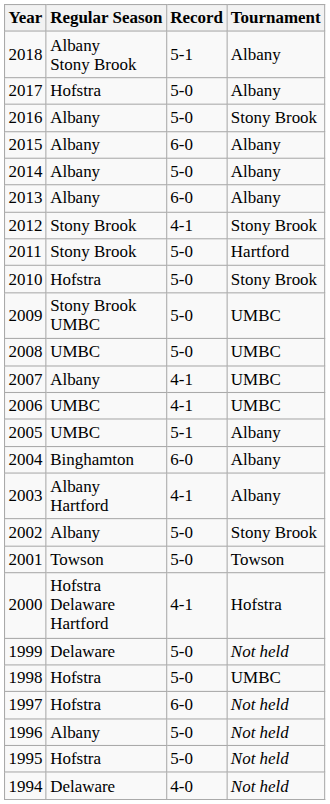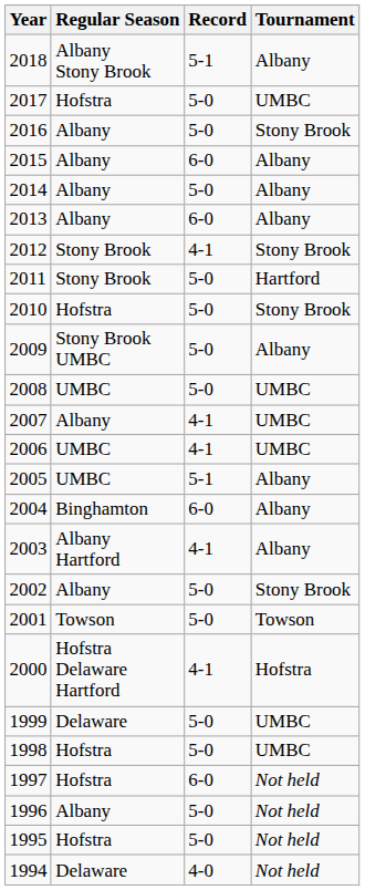 <table class="wikitable sortable">
 <tr>
 <th>Year</th>
 <th>Regular Season</th>
 <th>Record</th>
 <th>Tournament</th>
 </tr>
 <tr>
 <td>2018</td>
 <td>Albany<br>Stony Brook</td>
 <td>5-1</td>
 <td>Albany</td>
 </tr>
 <tr>
 <td>2017</td>
 <td>Hofstra</td>
 <td>5-0</td>
-<td>Albany</td>
+<td>UMBC</td>
 </tr>
 <tr>
 <td>2016</td>
 <td>Albany</td>
 <td>5-0</td>
 <td>Stony Brook</td>
 </tr>
 <tr>
 <td>2015</td>
 <td>Albany</td>
 <td>6-0</td>
 <td>Albany</td>
 </tr>
 <tr>
 <td>2014</td>
 <td>Albany</td>
 <td>5-0</td>
 <td>Albany</td>
 </tr>
 <tr>
 <td>2013</td>
 <td>Albany</td>
 <td>6-0</td>
 <td>Albany</td>
 </tr>
 <tr>
 <td>2012</td>
 <td>Stony Brook</td>
 <td>4-1</td>
 <td>Stony Brook</td>
 </tr>
 <tr>
 <td>2011</td>
 <td>Stony Brook</td>
 <td>5-0</td>
 <td>Hartford</td>
 </tr>
 <tr>
 <td>2010</td>
 <td>Hofstra</td>
 <td>5-0</td>
 <td>Stony Brook</td>
 </tr>
 <tr>
 <td>2009</td>
 <td>Stony Brook<br>UMBC</td>
 <td>5-0</td>
-<td>UMBC</td>
+<td>Albany</td>
 </tr>
 <tr>
 <td>2008</td>
 <td>UMBC</td>
 <td>5-0</td>
 <td>UMBC</td>
 </tr>
 <tr>
 <td>2007</td>
 <td>Albany</td>
 <td>4-1</td>
 <td>UMBC</td>
 </tr>
 <tr>
 <td>2006</td>
 <td>UMBC</td>
 <td>4-1</td>
 <td>UMBC</td>
 </tr>
 <tr>
 <td>2005</td>
 <td>UMBC</td>
 <td>5-1</td>
 <td>Albany</td>
 </tr>
 <tr>
 <td>2004</td>
 <td>Binghamton</td>
 <td>6-0</td>
 <td>Albany</td>
 </tr>
 <tr>
 <td>2003</td>
 <td>Albany<br>Hartford</td>
 <td>4-1</td>
 <td>Albany</td>
 </tr>
 <tr>
 <td>2002</td>
 <td>Albany</td>
 <td>5-0</td>
 <td>Stony Brook</td>
 </tr>
 <tr>
 <td>2001</td>
 <td>Towson</td>
 <td>5-0</td>
 <td>Towson</td>
 </tr>
 <tr>
 <td>2000</td>
 <td>Hofstra<br>Delaware<br>Hartford</td>
 <td>4-1</td>
 <td>Hofstra</td>
 </tr>
 <tr>
 <td>1999</td>
 <td>Delaware</td>
 <td>5-0</td>
-<td><em>Not held</em></td>
+<td>UMBC</td>
 </tr>
 <tr>
 <td>1998</td>
 <td>Hofstra</td>
 <td>5-0</td>
 <td>UMBC</td>
 </tr>
 <tr>
 <td>1997</td>
 <td>Hofstra</td>
 <td>6-0</td>
 <td><em>Not held</em></td>
 </tr>
 <tr>
 <td>1996</td>
 <td>Albany</td>
 <td>5-0</td>
 <td><em>Not held</em></td>
 </tr>
 <tr>
 <td>1995</td>
 <td>Hofstra</td>
 <td>5-0</td>
 <td><em>Not held</em></td>
 </tr>
 <tr>
 <td>1994</td>
 <td>Delaware</td>
 <td>4-0</td>
 <td><em>Not held</em></td>
 </tr>
 <tr>
 </tr>
 </table>
